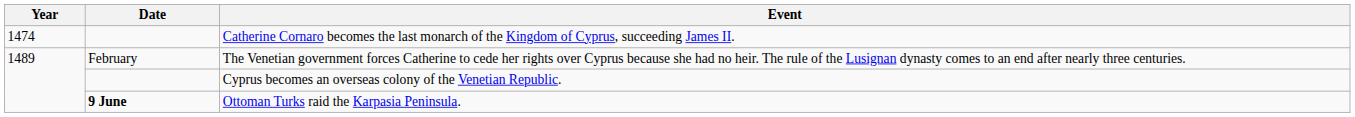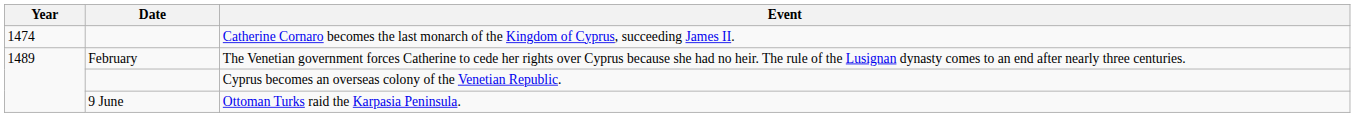 <table class="wikitable" width="100%">
 <tr>
 <th style="width:6%">Year</th>
 <th style="width:10%">Date</th>
 <th>Event</th>
 </tr>
 <tr>
 <td>1474</td>
 <td></td>
 <td><a href='#'>Catherine Cornaro</a> becomes the last monarch of the <a href='#'>Kingdom of Cyprus</a>, succeeding <a href='#'>James II</a>.</td>
 </tr>
 <tr>
 <td rowspan="3" style="vertical-align:top">1489</td>
 <td>February</td>
 <td>The Venetian government forces Catherine to cede her rights over Cyprus because she had no heir. The rule of the <a href='#'>Lusignan</a> dynasty comes to an end after nearly three centuries.</td>
 </tr>
 <tr>
 <td></td>
 <td>Cyprus becomes an overseas colony of the <a href='#'>Venetian Republic</a>.</td>
 </tr>
 <tr>
-<td><strong>9 June</strong></td>
+<td>9 June</td>
 <td><a href='#'>Ottoman Turks</a> raid the <a href='#'>Karpasia Peninsula</a>.</td>
 </tr>
 </table>
